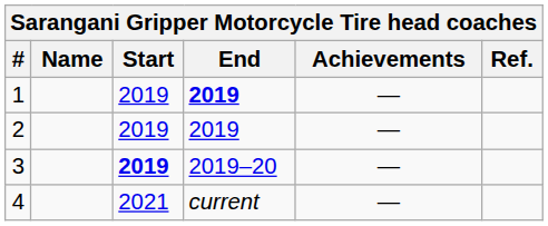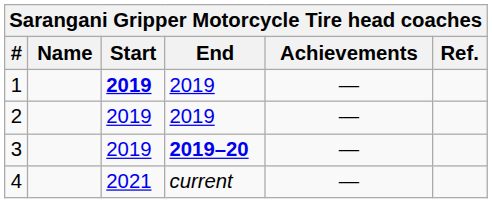 <table class="wikitable sortable">
 <tr>
 <th colspan="6">Sarangani Gripper Motorcycle Tire head coaches</th>
 </tr>
 <tr>
 <th>#</th>
 <th>Name</th>
 <th>Start</th>
 <th>End</th>
 <th>Achievements</th>
 <th>Ref.</th>
 </tr>
 <tr>
 <td align=center>1</td>
 <td></td>
+<td><strong><a href='#'>2019</a></strong></td>
 <td><a href='#'>2019</a></td>
-<td><strong><a href='#'>2019</a></strong></td>
 <td align=center>—</td>
 <td></td>
 </tr>
 <tr>
 <td align=center>2</td>
 <td></td>
 <td><a href='#'>2019</a></td>
 <td><a href='#'>2019</a></td>
 <td align=center>—</td>
 <td></td>
 </tr>
 <tr>
 <td align=center>3</td>
 <td></td>
-<td><strong><a href='#'>2019</a></strong></td>
-<td><a href='#'>2019–20</a></td>
+<td><a href='#'>2019</a></td>
+<td><strong><a href='#'>2019–20</a></strong></td>
 <td align=center>—</td>
 <td></td>
 </tr>
 <tr>
 <td align=center>4</td>
 <td></td>
 <td><a href='#'>2021</a></td>
 <td><em>current</em></td>
 <td align=center>—</td>
 <td></td>
 </tr>
 </table>
